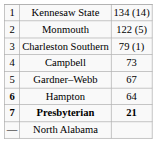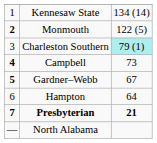 <table class="wikitable">
 <tr align="center">
 </tr>
 <tr align="center">
 <td>1</td>
 <td>Kennesaw State</td>
 <td>134 (14)</td>
 </tr>
 <tr align="center">
-<td>2</td>
+<td><strong>2</strong></td>
 <td>Monmouth</td>
 <td>122 (5)</td>
 </tr>
 <tr align="center">
 <td>3</td>
 <td>Charleston Southern</td>
-<td>79 (1)</td>
+<td style="background: paleturquoise;">79 (1)</td>
 </tr>
 <tr align="center">
-<td>4</td>
+<td><strong>4</strong></td>
 <td>Campbell</td>
 <td>73</td>
 </tr>
 <tr align="center">
-<td>5</td>
+<td><strong>5</strong></td>
 <td>Gardner–Webb</td>
 <td>67</td>
 </tr>
 <tr align="center">
-<td><strong>6</strong></td>
+<td>6</td>
 <td>Hampton</td>
 <td>64</td>
 </tr>
 <tr align="center">
 <td><strong>7</strong></td>
 <td><strong>Presbyterian</strong></td>
 <td><strong>21</strong></td>
 </tr>
 <tr align="center">
 <td>—</td>
 <td>North Alabama</td>
 <td></td>
 </tr>
 </table>
